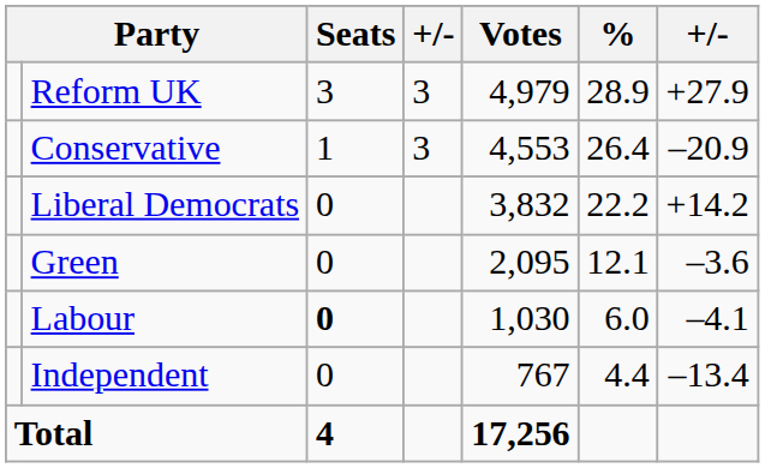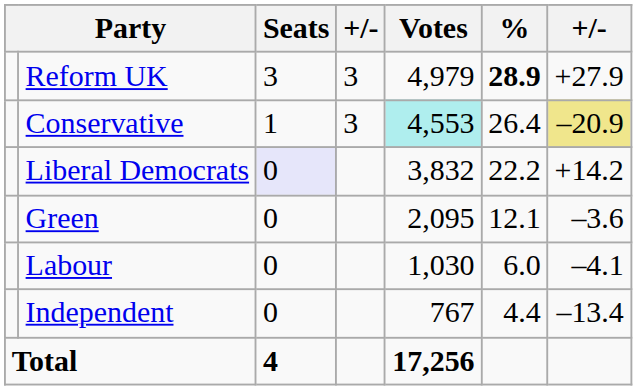 <table class="wikitable sortable">
 <tr>
 <th colspan="2">Party</th>
 <th>Seats</th>
 <th>+/-</th>
 <th>Votes</th>
 <th>%</th>
 <th>+/-</th>
 </tr>
 <tr>
 <td style="background-color: "></td>
 <td><a href='#'>Reform UK</a></td>
 <td>3</td>
 <td> 3</td>
 <td style="text-align:right;">4,979</td>
-<td style="text-align:right;">28.9</td>
+<td style="text-align:right;"><strong>28.9</strong></td>
 <td style="text-align:right;">+27.9</td>
 </tr>
 <tr>
 <td style="background-color: "></td>
 <td><a href='#'>Conservative</a></td>
 <td>1</td>
 <td> 3</td>
-<td style="text-align:right;">4,553</td>
+<td style="background: paleturquoise; text-align:right;">4,553</td>
 <td style="text-align:right;">26.4</td>
-<td style="text-align:right;">–20.9</td>
+<td style="background: khaki; text-align:right;">–20.9</td>
 </tr>
 <tr>
 <td style="background-color: "></td>
 <td><a href='#'>Liberal Democrats</a></td>
-<td>0</td>
+<td style="background: lavender;">0</td>
 <td></td>
 <td style="text-align:right;">3,832</td>
 <td style="text-align:right;">22.2</td>
 <td style="text-align:right;">+14.2</td>
 </tr>
 <tr>
 <td style="background-color: "></td>
 <td><a href='#'>Green</a></td>
 <td>0</td>
 <td></td>
 <td style="text-align:right;">2,095</td>
 <td style="text-align:right;">12.1</td>
 <td style="text-align:right;">–3.6</td>
 </tr>
 <tr>
 <td style="background-color: "></td>
 <td><a href='#'>Labour</a></td>
-<td><strong>0</strong></td>
+<td>0</td>
 <td></td>
 <td style="text-align:right;">1,030</td>
 <td style="text-align:right;">6.0</td>
 <td style="text-align:right;">–4.1</td>
 </tr>
 <tr>
 <td style="background-color: "></td>
 <td><a href='#'>Independent</a></td>
 <td>0</td>
 <td></td>
 <td style="text-align:right;">767</td>
 <td style="text-align:right;">4.4</td>
 <td style="text-align:right;">–13.4</td>
 </tr>
 <tr>
 <td colspan="2"><strong>Total</strong></td>
 <td><strong>4</strong></td>
 <td></td>
 <td style="text-align:right;"><strong>17,256</strong></td>
 <td style="text-align:right;"></td>
 <td style="text-align:right;"></td>
 </tr>
 </table>
